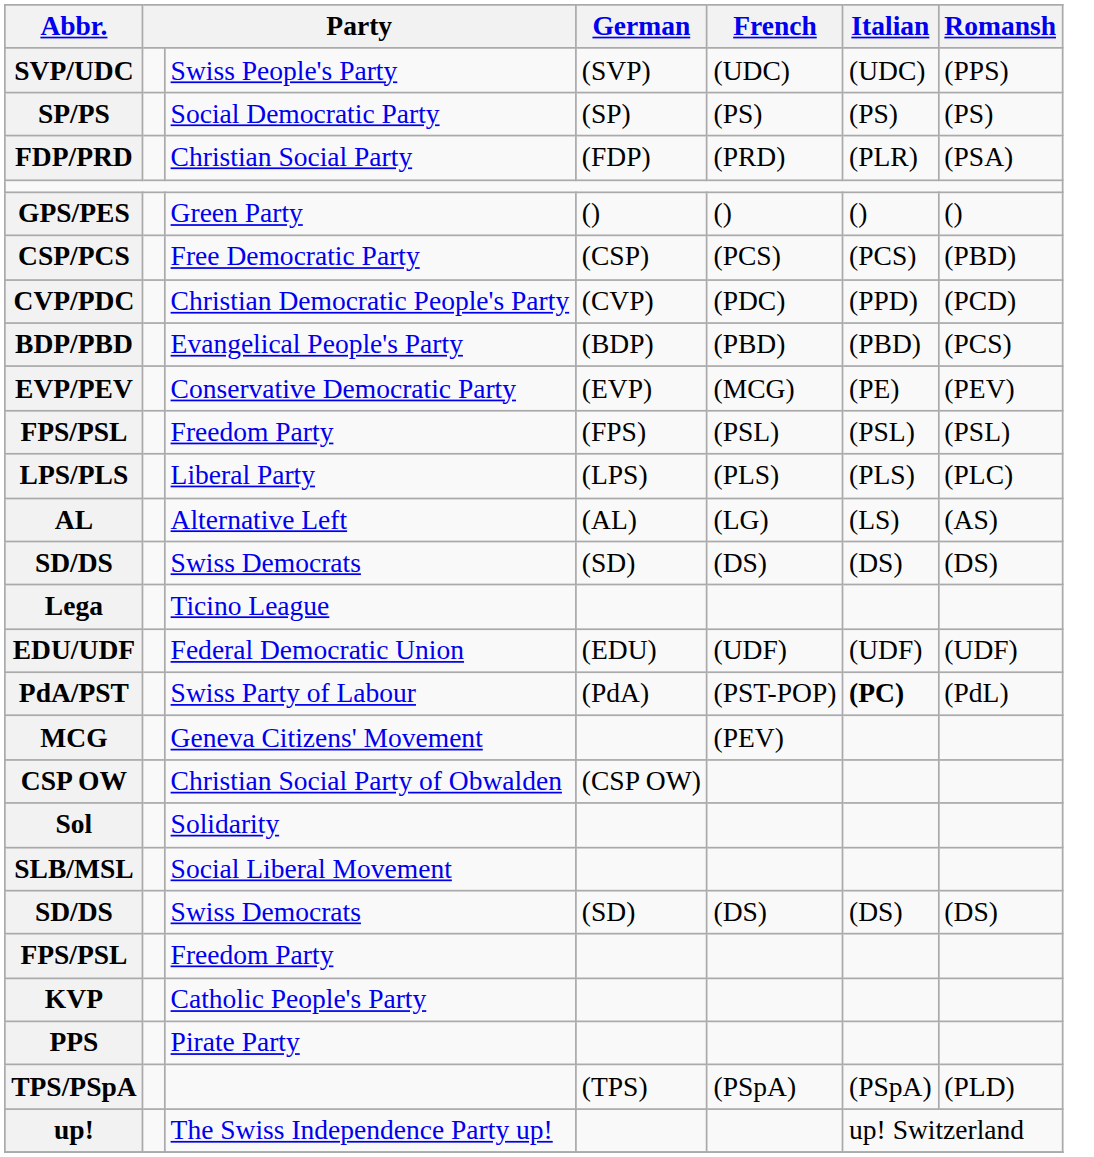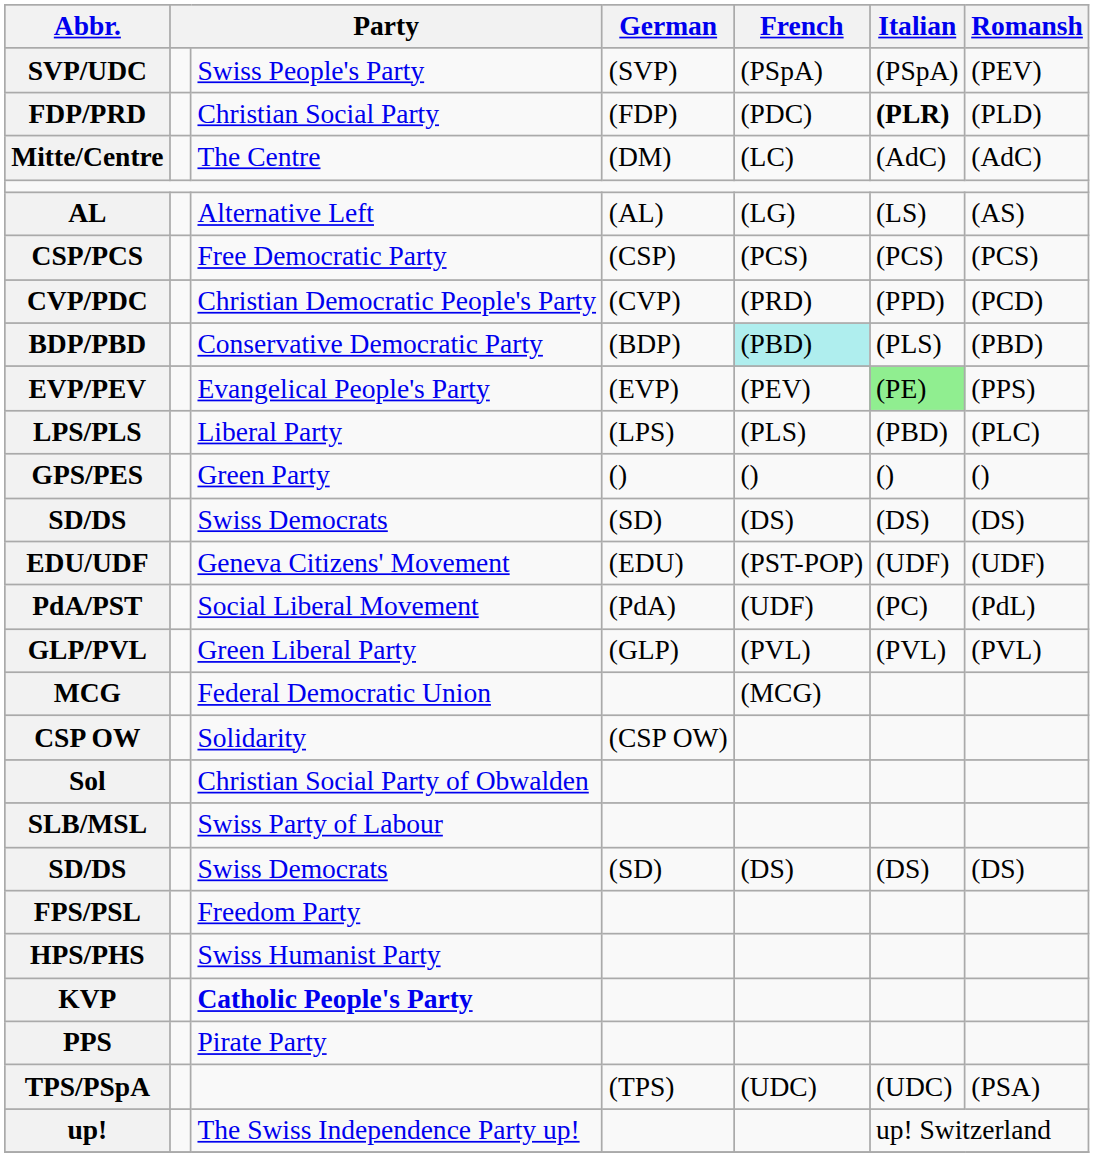 <table class="wikitable sortable">
 <tr>
 <th scope="col"><a href='#'>Abbr.</a></th>
 <th colspan="2" scope="col">Party</th>
 <th scope="col"><a href='#'>German</a></th>
 <th scope="col"><a href='#'>French</a></th>
 <th scope="col"><a href='#'>Italian</a></th>
 <th scope="col"><a href='#'>Romansh</a></th>
 </tr>
 <tr>
 <th>SVP/UDC</th>
 <td width="5px" style="background-color: "></td>
 <td><a href='#'>Swiss People's Party</a></td>
 <td><em></em> (SVP)</td>
-<td><em></em> (UDC)</td>
-<td><em></em> (UDC)</td>
-<td><em></em> (PPS)</td>
-</tr>
-<tr>
-<th>SP/PS</th>
-<td style="background-color: "></td>
-<td><a href='#'>Social Democratic Party</a></td>
-<td><em></em> (SP)</td>
-<td><em></em> (PS)</td>
-<td><em></em> (PS)</td>
-<td><em></em> (PS)</td>
+<td><em></em> (PSpA)</td>
+<td><em></em> (PSpA)</td>
+<td><em></em> (PEV)</td>
 </tr>
 <tr>
 <th>FDP/PRD</th>
 <td style="background-color: "></td>
 <td><a href='#'>Christian Social Party</a></td>
 <td><em></em> (FDP)</td>
-<td><em></em> (PRD)</td>
-<td><em></em> (PLR)</td>
-<td><em></em> (PSA)</td>
+<td><em></em> (PDC)</td>
+<td><strong><em></em> (PLR)</strong></td>
+<td><em></em> (PLD)</td>
+</tr>
+<tr>
+<th>Mitte/Centre</th>
+<td width="5px" style="background-color: "></td>
+<td><a href='#'>The Centre</a></td>
+<td><em></em> (DM)</td>
+<td><em></em> (LC)</td>
+<td><em></em> (AdC)</td>
+<td><em></em> (AdC)</td>
 </tr>
 <tr>
 <td colspan="7"></td>
+</tr>
+<tr>
+<th>AL</th>
+<td style="background-color: "></td>
+<td><a href='#'>Alternative Left</a></td>
+<td><em></em> (AL)</td>
+<td><em></em> (LG)</td>
+<td><em></em> (LS)</td>
+<td><em></em> (AS)</td>
+</tr>
+<tr>
+<th>CSP/PCS</th>
+<td style="background-color: "></td>
+<td><a href='#'>Free Democratic Party</a></td>
+<td><em></em> (CSP)</td>
+<td><em></em> (PCS)</td>
+<td><em></em> (PCS)</td>
+<td><em></em> (PCS)</td>
+</tr>
+<tr>
+<th>CVP/PDC</th>
+<td style="background-color: "></td>
+<td><a href='#'>Christian Democratic People's Party</a></td>
+<td><em></em> (CVP)</td>
+<td><em></em> (PRD)</td>
+<td><em></em> (PPD)</td>
+<td><em></em> (PCD)</td>
+</tr>
+<tr>
+<th>BDP/PBD</th>
+<td style="background-color: "></td>
+<td><a href='#'>Conservative Democratic Party</a></td>
+<td><em></em> (BDP)</td>
+<td style="background: paleturquoise;"><em></em> (PBD)</td>
+<td><em></em> (PLS)</td>
+<td><em></em> (PBD)</td>
+</tr>
+<tr>
+<th>EVP/PEV</th>
+<td style="background-color: "></td>
+<td><a href='#'>Evangelical People's Party</a></td>
+<td><em></em> (EVP)</td>
+<td><em></em> (PEV)</td>
+<td style="background: lightgreen;"><em></em> (PE)</td>
+<td><em></em> (PPS)</td>
+</tr>
+<tr>
+<th>LPS/PLS</th>
+<td style="background-color: "></td>
+<td><a href='#'>Liberal Party</a></td>
+<td><em></em> (LPS)</td>
+<td><em></em> (PLS)</td>
+<td><em></em> (PBD)</td>
+<td><em></em> (PLC)</td>
 </tr>
 <tr>
 <th>GPS/PES</th>
 <td style="background-color: "></td>
 <td><a href='#'>Green Party</a></td>
 <td><em></em> (<em></em>)</td>
 <td><em></em> (<em></em>)</td>
 <td><em></em> (<em></em>)</td>
 <td><em></em> (<em></em>)</td>
 </tr>
 <tr>
-<th>CSP/PCS</th>
-<td style="background-color: "></td>
-<td><a href='#'>Free Democratic Party</a></td>
-<td><em></em> (CSP)</td>
-<td><em></em> (PCS)</td>
-<td><em></em> (PCS)</td>
-<td><em></em> (PBD)</td>
-</tr>
-<tr>
-<th>CVP/PDC</th>
-<td style="background-color: "></td>
-<td><a href='#'>Christian Democratic People's Party</a></td>
-<td><em></em> (CVP)</td>
-<td><em></em> (PDC)</td>
-<td><em></em> (PPD)</td>
-<td><em></em> (PCD)</td>
-</tr>
-<tr>
-<th>BDP/PBD</th>
-<td style="background-color: "></td>
-<td><a href='#'>Evangelical People's Party</a></td>
-<td><em></em> (BDP)</td>
-<td><em></em> (PBD)</td>
-<td><em></em> (PBD)</td>
-<td><em></em> (PCS)</td>
-</tr>
-<tr>
-<th>EVP/PEV</th>
-<td style="background-color: "></td>
-<td><a href='#'>Conservative Democratic Party</a></td>
-<td><em></em> (EVP)</td>
-<td><em></em> (MCG)</td>
-<td><em></em> (PE)</td>
-<td><em></em> (PEV)</td>
-</tr>
-<tr>
-<th>FPS/PSL</th>
-<td style="background-color: "></td>
-<td><a href='#'>Freedom Party</a></td>
-<td><em></em> (FPS)</td>
-<td><em></em> (PSL)</td>
-<td><em></em> (PSL)</td>
-<td><em></em> (PSL)</td>
-</tr>
-<tr>
-<th>LPS/PLS</th>
-<td style="background-color: "></td>
-<td><a href='#'>Liberal Party</a></td>
-<td><em></em> (LPS)</td>
-<td><em></em> (PLS)</td>
-<td><em></em> (PLS)</td>
-<td><em></em> (PLC)</td>
-</tr>
-<tr>
-<th>AL</th>
-<td style="background-color: "></td>
-<td><a href='#'>Alternative Left</a></td>
-<td><em></em> (AL)</td>
-<td><em></em> (LG)</td>
-<td><em></em> (LS)</td>
-<td><em></em> (AS)</td>
-</tr>
-<tr>
 <th>SD/DS</th>
 <td style="background-color: "></td>
 <td><a href='#'>Swiss Democrats</a></td>
 <td><em></em> (SD)</td>
 <td><em></em> (DS)</td>
 <td><em></em> (DS)</td>
 <td><em></em> (DS)</td>
 </tr>
 <tr>
-<th>Lega</th>
-<td style="background-color: "></td>
-<td><a href='#'>Ticino League</a></td>
-<td><em></em></td>
-<td><em></em></td>
-<td><em></em></td>
-<td><em></em></td>
-</tr>
-<tr>
 <th>EDU/UDF</th>
 <td style="background-color: "></td>
-<td><a href='#'>Federal Democratic Union</a></td>
+<td><a href='#'>Geneva Citizens' Movement</a></td>
 <td><em></em> (EDU)</td>
-<td><em></em> (UDF)</td>
+<td><em></em> (PST-POP)</td>
 <td><em></em> (UDF)</td>
 <td><em></em> (UDF)</td>
 </tr>
 <tr>
 <th>PdA/PST</th>
 <td style="background-color: "></td>
-<td><a href='#'>Swiss Party of Labour</a></td>
+<td><a href='#'>Social Liberal Movement</a></td>
 <td><em></em> (PdA)</td>
-<td><em></em> (PST-POP)</td>
-<td><strong><em></em> (PC)</strong></td>
+<td><em></em> (UDF)</td>
+<td><em></em> (PC)</td>
 <td><em></em> (PdL)</td>
+</tr>
+<tr>
+<th>GLP/PVL</th>
+<td style="background-color: "></td>
+<td><a href='#'>Green Liberal Party</a></td>
+<td><em></em> (GLP)</td>
+<td><em></em> (PVL)</td>
+<td><em></em> (PVL)</td>
+<td><em></em> (PVL)</td>
 </tr>
 <tr>
 <th>MCG</th>
 <td style="background-color: "></td>
-<td><a href='#'>Geneva Citizens' Movement</a></td>
+<td><a href='#'>Federal Democratic Union</a></td>
 <td><em></em></td>
-<td><em></em> (PEV)</td>
+<td><em></em> (MCG)</td>
 <td><em></em></td>
 <td></td>
 </tr>
 <tr>
 <th>CSP OW</th>
 <td style="background-color: "></td>
-<td><a href='#'>Christian Social Party of Obwalden</a></td>
+<td><a href='#'>Solidarity</a></td>
 <td><em></em> (CSP OW)</td>
 <td><em></em></td>
 <td></td>
 <td></td>
 </tr>
 <tr>
 <th>Sol</th>
 <td style="background-color: "></td>
-<td><a href='#'>Solidarity</a></td>
+<td><a href='#'>Christian Social Party of Obwalden</a></td>
 <td><em></em></td>
 <td><em></em></td>
 <td><em></em></td>
 <td><em></em></td>
 </tr>
 <tr>
 <th>SLB/MSL</th>
 <td style="background-color: "></td>
-<td><a href='#'>Social Liberal Movement</a></td>
+<td><a href='#'>Swiss Party of Labour</a></td>
 <td><em></em></td>
 <td><em></em></td>
 <td><em></em></td>
 <td></td>
 </tr>
 <tr>
 <th>SD/DS</th>
 <td style="background-color: "></td>
 <td><a href='#'>Swiss Democrats</a></td>
 <td><em></em> (SD)</td>
 <td><em></em> (DS)</td>
 <td><em></em> (DS)</td>
 <td><em></em> (DS)</td>
 </tr>
 <tr>
 <th>FPS/PSL</th>
 <td style="background-color: "></td>
 <td><a href='#'>Freedom Party</a></td>
 <td><em></em></td>
 <td><em></em></td>
 <td><em></em></td>
 <td><em></em></td>
 </tr>
 <tr>
+<th>HPS/PHS</th>
+<td></td>
+<td><a href='#'>Swiss Humanist Party</a></td>
+<td><em></em></td>
+<td><em></em></td>
+<td><em></em></td>
+<td><em></em></td>
+</tr>
+<tr>
 <th>KVP</th>
 <td></td>
-<td><a href='#'>Catholic People's Party</a></td>
+<td><strong><a href='#'>Catholic People's Party</a></strong></td>
 <td><em></em></td>
 <td><em></em></td>
 <td><em></em></td>
 <td><em></em></td>
 </tr>
 <tr>
 <th>PPS</th>
 <td style="background-color: "></td>
 <td><a href='#'>Pirate Party</a></td>
 <td><em></em></td>
 <td><em></em></td>
 <td><em></em></td>
 <td><em></em></td>
 </tr>
 <tr>
 <th>TPS/PSpA</th>
 <td></td>
 <td></td>
 <td><em></em> (TPS)</td>
-<td><em></em> (PSpA)</td>
-<td><em></em> (PSpA)</td>
-<td><em></em> (PLD)</td>
+<td><em></em> (UDC)</td>
+<td><em></em> (UDC)</td>
+<td><em></em> (PSA)</td>
 </tr>
 <tr>
 <th>up!</th>
 <td style="background-color: "></td>
 <td><a href='#'>The Swiss Independence Party up!</a></td>
 <td><em></em></td>
 <td><em></em></td>
 <td colspan="2">up! Switzerland</td>
 </tr>
 <tr>
 </tr>
 </table>
